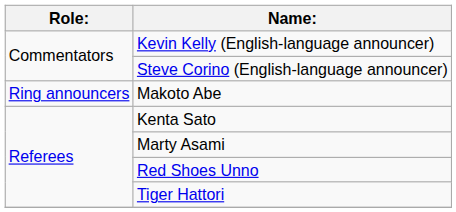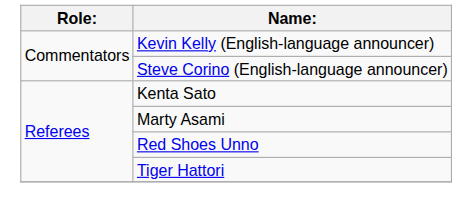 <table class=wikitable style="font-size:90%; margin: 0.5em 0 0.5em 1em; float: right; clear: right;">
 <tr>
 <th>Role:</th>
 <th>Name:</th>
 </tr>
 <tr>
 <td rowspan=2>Commentators</td>
 <td><a href='#'>Kevin Kelly</a> (English-language announcer)</td>
 </tr>
 <tr>
 <td><a href='#'>Steve Corino</a> (English-language announcer)</td>
-</tr>
-<tr>
-<td rowspan=1><a href='#'>Ring announcers</a></td>
-<td>Makoto Abe</td>
 </tr>
 <tr>
 <td rowspan=4><a href='#'>Referees</a></td>
 <td>Kenta Sato</td>
 </tr>
 <tr>
 <td>Marty Asami</td>
 </tr>
 <tr>
 <td><a href='#'>Red Shoes Unno</a></td>
 </tr>
 <tr>
 <td><a href='#'>Tiger Hattori</a></td>
 </tr>
 <tr>
 </tr>
 </table>
